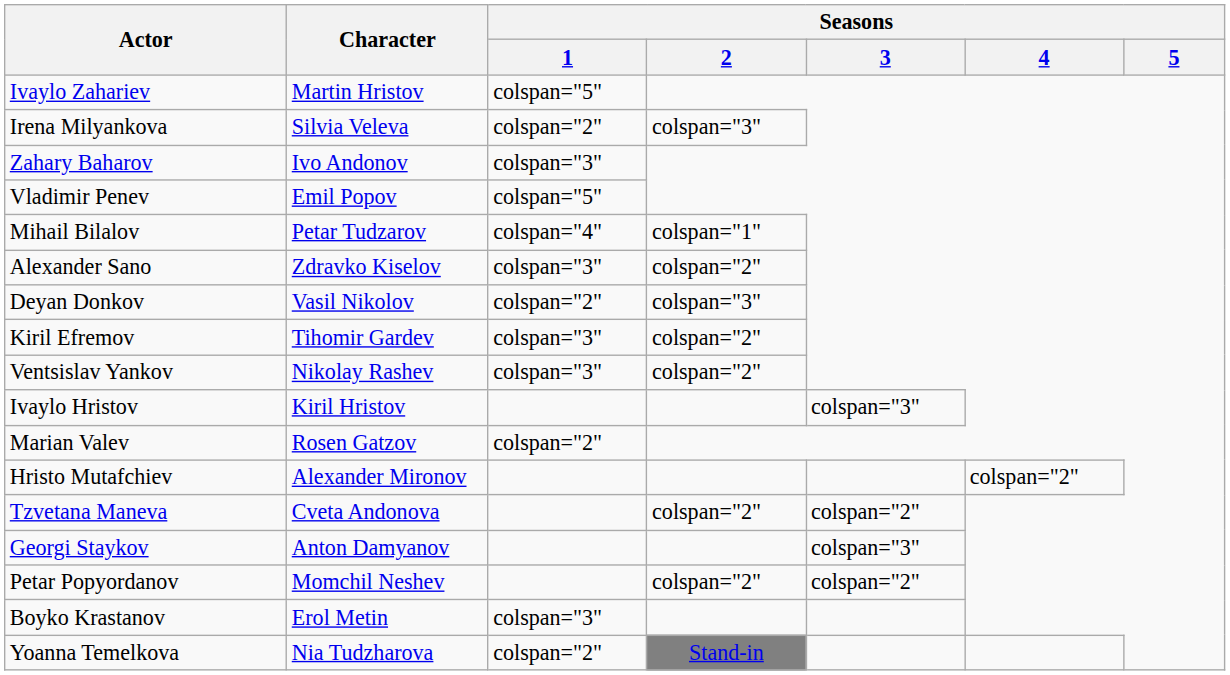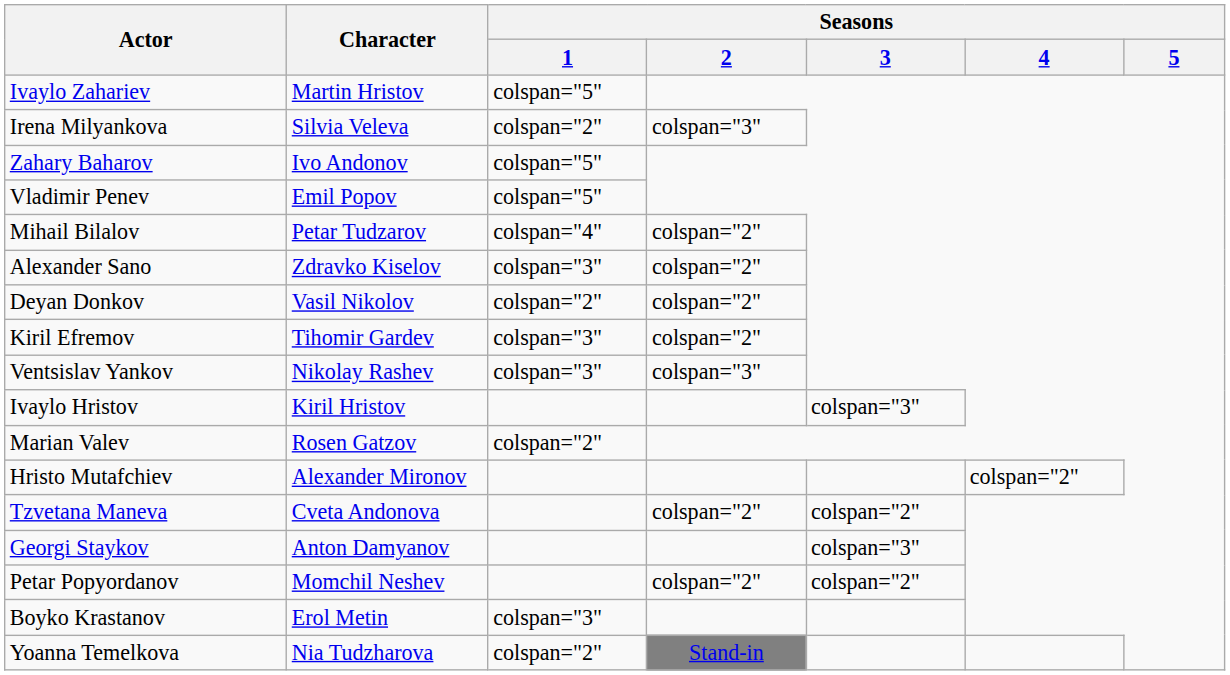 <table class="wikitable plainrowheaders" style="width:70%;">
 <tr>
 <th scope="col" rowspan="2" style="width:14%;">Actor</th>
 <th scope="col" rowspan="2" style="width:10%;">Character</th>
 <th scope="col" colspan="5">Seasons</th>
 </tr>
 <tr>
 <th scope="col" style="width:5%;"><a href='#'>1</a></th>
 <th scope="col" style="width:5%;"><a href='#'>2</a></th>
 <th scope="col" style="width:5%;"><a href='#'>3</a></th>
 <th scope="col" style="width:5%;"><a href='#'>4</a></th>
 <th scope="col" style="width:5%;"><a href='#'>5</a></th>
 </tr>
 <tr>
 <td scope="row"><a href='#'>Ivaylo Zahariev</a></td>
 <td><a href='#'>Martin Hristov</a></td>
 <td>colspan="5" </td>
 </tr>
 <tr>
 <td scope="row">Irena Milyankova</td>
 <td><a href='#'>Silvia Veleva</a></td>
 <td>colspan="2" </td>
 <td>colspan="3" </td>
 </tr>
 <tr>
 <td scope="row"><a href='#'>Zahary Baharov</a></td>
 <td><a href='#'>Ivo Andonov</a></td>
-<td>colspan="3" </td>
+<td>colspan="5" </td>
 </tr>
 <tr>
 <td scope="row">Vladimir Penev</td>
 <td><a href='#'>Emil Popov</a></td>
 <td>colspan="5" </td>
 </tr>
 <tr>
 <td scope="row">Mihail Bilalov</td>
 <td><a href='#'>Petar Tudzarov</a></td>
 <td>colspan="4" </td>
-<td>colspan="1" </td>
+<td>colspan="2" </td>
 </tr>
 <tr>
 <td scope="row">Alexander Sano</td>
 <td><a href='#'>Zdravko Kiselov</a></td>
 <td>colspan="3" </td>
 <td>colspan="2" </td>
 </tr>
 <tr>
 <td scope="row">Deyan Donkov</td>
 <td><a href='#'>Vasil Nikolov</a></td>
 <td>colspan="2" </td>
-<td>colspan="3" </td>
+<td>colspan="2" </td>
 </tr>
 <tr>
 <td scope="row">Kiril Efremov</td>
 <td><a href='#'>Tihomir Gardev</a></td>
 <td>colspan="3" </td>
 <td>colspan="2" </td>
 </tr>
 <tr>
 <td scope="row">Ventsislav Yankov</td>
 <td><a href='#'>Nikolay Rashev</a></td>
 <td>colspan="3" </td>
-<td>colspan="2" </td>
+<td>colspan="3" </td>
 </tr>
 <tr>
 <td scope="row">Ivaylo Hristov</td>
 <td><a href='#'>Kiril Hristov</a></td>
 <td></td>
 <td></td>
 <td>colspan="3" </td>
 </tr>
 <tr>
 <td scope="row">Marian Valev</td>
 <td><a href='#'>Rosen Gatzov</a></td>
 <td>colspan="2" </td>
 </tr>
 <tr>
 <td scope="row">Hristo Mutafchiev</td>
 <td><a href='#'>Alexander Mironov</a></td>
 <td></td>
 <td></td>
 <td></td>
 <td>colspan="2" </td>
 </tr>
 <tr>
 <td scope="row"><a href='#'>Tzvetana Maneva</a></td>
 <td><a href='#'>Cveta Andonova</a></td>
 <td></td>
 <td>colspan="2" </td>
 <td>colspan="2" </td>
 </tr>
 <tr>
 <td scope="row"><a href='#'>Georgi Staykov</a></td>
 <td><a href='#'>Anton Damyanov</a></td>
 <td></td>
 <td></td>
 <td>colspan="3" </td>
 </tr>
 <tr>
 <td scope="row">Petar Popyordanov</td>
 <td><a href='#'>Momchil Neshev</a></td>
 <td></td>
 <td>colspan="2" </td>
 <td>colspan="2" </td>
 </tr>
 <tr>
 <td scope="row">Boyko Krastanov</td>
 <td><a href='#'>Erol Metin</a></td>
 <td>colspan="3" </td>
 <td></td>
 <td></td>
 </tr>
 <tr>
 <td scope="row">Yoanna Temelkova</td>
 <td><a href='#'>Nia Tudzharova</a></td>
 <td>colspan="2" </td>
 <td style="background: #808080" colspan="1" align="center"><a href='#'>Stand-in</a></td>
 <td></td>
 <td></td>
 </tr>
 </table>
